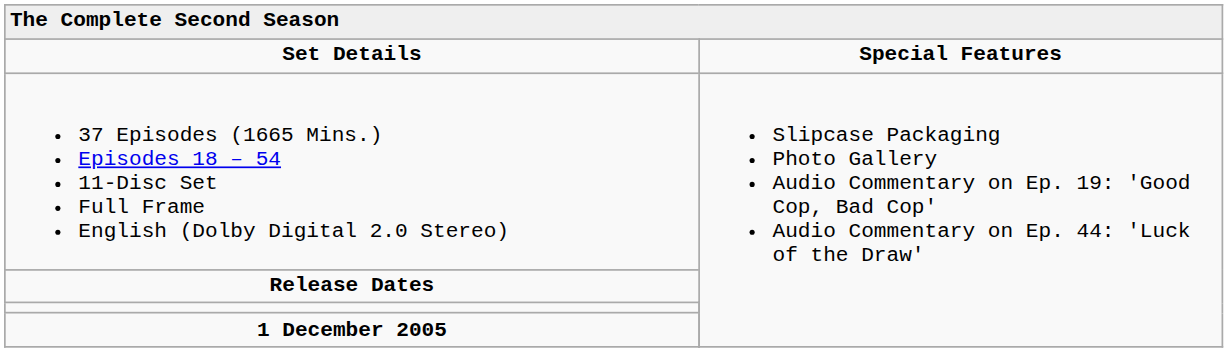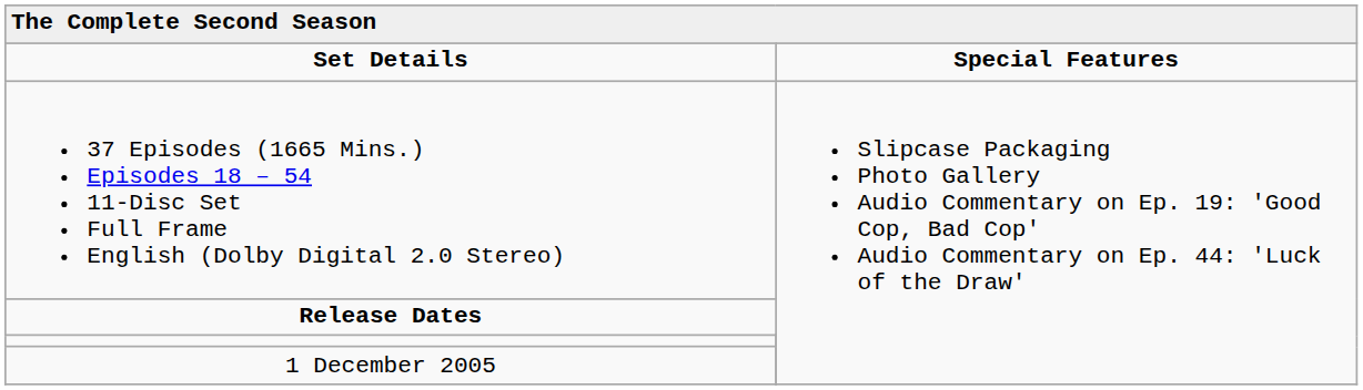 <table class="wikitable" style="font-size: 95%;">
 <tr style="background:#EFEFEF">
 <td colspan="5"><strong>The Complete Second Season</strong></td>
 </tr>
 <tr>
 <td align="center" width="350" colspan="3"><strong>Set Details</strong></td>
 <td width="250" align="center"><strong>Special Features</strong></td>
 </tr>
 <tr valign="top">
 <td colspan="3" align="left" width="400"><br><ul><li>37 Episodes (1665 Mins.)</li><li><a href='#'>Episodes 18 – 54</a></li><li>11-Disc Set</li><li>Full Frame</li><li>English (Dolby Digital 2.0 Stereo)</li></ul></td>
 <td rowspan="4" align="left" width="300"><br><ul><li>Slipcase Packaging</li><li>Photo Gallery</li><li>Audio Commentary on Ep. 19: 'Good Cop, Bad Cop'</li><li>Audio Commentary on Ep. 44: 'Luck of the Draw'</li></ul></td>
 </tr>
 <tr>
 <td colspan="3" align="center"><strong>Release Dates</strong></td>
 </tr>
 <tr>
 <td align="center"></td>
 </tr>
 <tr>
-<td align="center"><strong>1 December 2005</strong></td>
+<td align="center">1 December 2005</td>
 </tr>
 </table>
